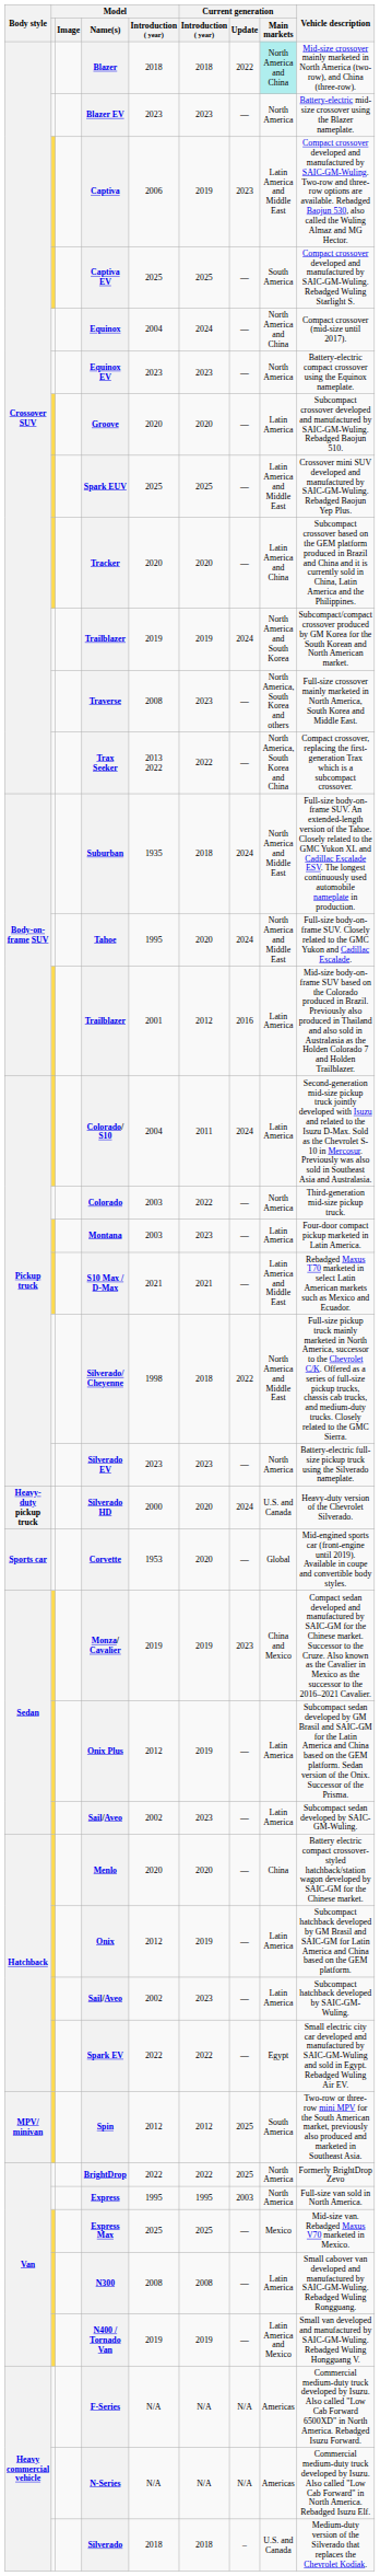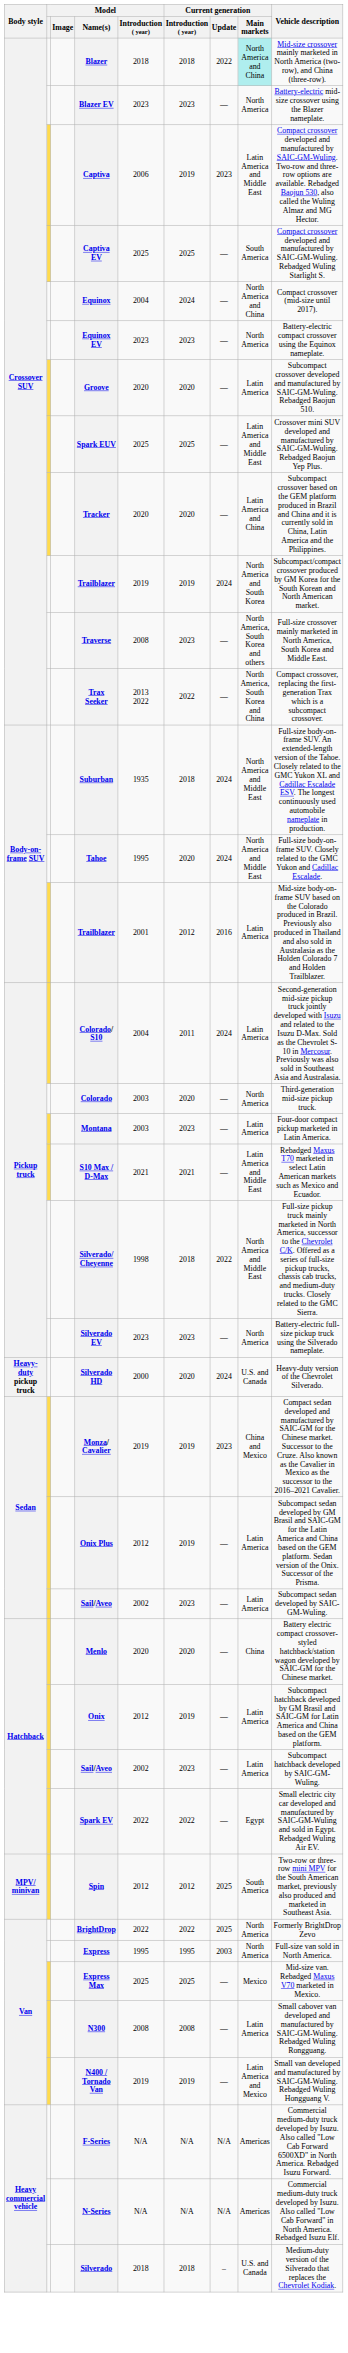 <table class="wikitable sortable" style="text-align: center; width: 100%">
 <tr>
 <th rowspan="2" width="5%">Body style</th>
 <th colspan="4">Model</th>
 <th colspan="3">Current generation</th>
 <th rowspan="2" class="unsortable" width="30%" cellpadding="35px">Vehicle description</th>
 </tr>
 <tr>
 <th class="unsortable"></th>
 <th class="unsortable" width="15%">Image</th>
 <th>Name(s)</th>
 <th>Introduction<br><small>( year)</small></th>
 <th width="9%">Introduction<br><small>( year)</small></th>
 <th>Update</th>
 <th class="unsortable">Main markets</th>
 </tr>
 <tr>
 <th rowspan="12"><a href='#'>Crossover<br>SUV</a></th>
 <td></td>
 <td></td>
 <th><a href='#'>Blazer</a></th>
 <td>2018</td>
 <td>2018</td>
 <td>2022</td>
 <td style="background: paleturquoise;">North America and China</td>
 <td><a href='#'>Mid-size crossover</a> mainly marketed in North America (two-row), and China (three-row).</td>
 </tr>
 <tr>
 <td></td>
 <td></td>
 <th><a href='#'>Blazer EV</a></th>
 <td>2023</td>
 <td>2023</td>
 <td>—</td>
 <td>North America</td>
 <td><a href='#'>Battery-electric</a> mid-size crossover using the Blazer nameplate.</td>
 </tr>
 <tr>
 <td bgcolor="#ffdb4d"></td>
 <td></td>
 <th><a href='#'>Captiva</a></th>
 <td>2006</td>
 <td>2019</td>
 <td>2023</td>
 <td>Latin America and Middle East</td>
 <td><a href='#'>Compact crossover</a> developed and manufactured by <a href='#'>SAIC-GM-Wuling</a>. Two-row and three-row options are available. Rebadged <a href='#'>Baojun 530</a>, also called the Wuling Almaz and MG Hector.</td>
 </tr>
 <tr>
 <td bgcolor="#ffdb4d"></td>
 <td></td>
 <th><a href='#'>Captiva EV</a></th>
 <td>2025</td>
 <td>2025</td>
 <td>—</td>
 <td>South America</td>
 <td><a href='#'>Compact crossover</a> developed and manufactured by SAIC-GM-Wuling. Rebadged Wuling Starlight S.</td>
 </tr>
 <tr>
 <td></td>
 <td></td>
 <th><a href='#'>Equinox</a></th>
 <td>2004</td>
 <td>2024</td>
 <td>—</td>
 <td>North America and China</td>
 <td>Compact crossover (mid-size until 2017).</td>
 </tr>
 <tr>
 <td></td>
 <td></td>
 <th><a href='#'>Equinox EV</a></th>
 <td>2023</td>
 <td>2023</td>
 <td>—</td>
 <td>North America</td>
 <td>Battery-electric compact crossover using the Equinox nameplate.</td>
 </tr>
 <tr>
 <td bgcolor="#ffdb4d"></td>
 <td></td>
 <th><a href='#'>Groove</a></th>
 <td>2020</td>
 <td>2020</td>
 <td>—</td>
 <td>Latin America</td>
 <td>Subcompact crossover developed and manufactured by SAIC-GM-Wuling. Rebadged Baojun 510.</td>
 </tr>
 <tr>
 <td bgcolor="#ffdb4d"></td>
 <td></td>
 <th><a href='#'>Spark EUV</a></th>
 <td>2025</td>
 <td>2025</td>
 <td>—</td>
 <td>Latin America and Middle East</td>
 <td>Crossover mini SUV developed and manufactured by SAIC-GM-Wuling. Rebadged Baojun Yep Plus.</td>
 </tr>
 <tr>
 <td bgcolor="#ffdb4d"></td>
 <td></td>
 <th><a href='#'>Tracker</a></th>
 <td>2020</td>
 <td>2020</td>
 <td>—</td>
 <td>Latin America and China</td>
 <td>Subcompact crossover based on the GEM platform produced in Brazil and China and it is currently sold in China, Latin America and the Philippines.</td>
 </tr>
 <tr>
 <td></td>
 <td></td>
 <th><a href='#'>Trailblazer </a></th>
 <td>2019</td>
 <td>2019</td>
 <td>2024</td>
 <td>North America and South Korea</td>
 <td>Subcompact/compact crossover produced by GM Korea for the South Korean and North American market.</td>
 </tr>
 <tr>
 <td></td>
 <td></td>
 <th><a href='#'>Traverse</a></th>
 <td>2008</td>
 <td>2023</td>
 <td>—</td>
 <td>North America, South Korea and others</td>
 <td>Full-size crossover mainly marketed in North America, South Korea and Middle East.</td>
 </tr>
 <tr>
 <td></td>
 <td></td>
 <th><a href='#'>Trax</a><br><a href='#'>Seeker</a></th>
 <td>2013<br>2022</td>
 <td>2022</td>
 <td>—</td>
 <td>North America, South Korea and China</td>
 <td>Compact crossover, replacing the first-generation Trax which is a subcompact crossover.</td>
 </tr>
 <tr>
 <th rowspan="3"><a href='#'>Body-on-<br>frame</a> <a href='#'>SUV</a></th>
 <td></td>
 <td></td>
 <th><a href='#'>Suburban</a></th>
 <td>1935</td>
 <td>2018</td>
 <td>2024</td>
 <td>North America and Middle East</td>
 <td>Full-size body-on-frame SUV. An extended-length version of the Tahoe. Closely related to the GMC Yukon XL and <a href='#'>Cadillac Escalade ESV</a>. The longest continuously used automobile <a href='#'>nameplate</a> in production.</td>
 </tr>
 <tr>
 <td></td>
 <td></td>
 <th><a href='#'>Tahoe</a></th>
 <td>1995</td>
 <td>2020</td>
 <td>2024</td>
 <td>North America and Middle East</td>
 <td>Full-size body-on-frame SUV. Closely related to the GMC Yukon and <a href='#'>Cadillac Escalade</a>.</td>
 </tr>
 <tr>
 <td bgcolor="#ffdb4d"></td>
 <td></td>
 <th><a href='#'>Trailblazer<br></a></th>
 <td>2001</td>
 <td>2012</td>
 <td>2016</td>
 <td>Latin America</td>
 <td>Mid-size body-on-frame SUV based on the Colorado produced in Brazil. Previously also produced in Thailand and also sold in Australasia as the Holden Colorado 7 and Holden Trailblazer.</td>
 </tr>
 <tr>
 <th rowspan="6"><a href='#'>Pickup truck</a></th>
 <td bgcolor="#ffdb4d"></td>
 <td></td>
 <th><a href='#'>Colorado</a>/<br><a href='#'>S10</a></th>
 <td>2004</td>
 <td>2011</td>
 <td>2024</td>
 <td>Latin America</td>
 <td>Second-generation mid-size pickup truck jointly developed with <a href='#'>Isuzu</a> and related to the Isuzu D-Max. Sold as the Chevrolet S-10 in <a href='#'>Mercosur</a>. Previously was also sold in Southeast Asia and Australasia.</td>
 </tr>
 <tr>
 <td></td>
 <td></td>
 <th><a href='#'>Colorado</a></th>
 <td>2003</td>
-<td>2022</td>
+<td>2020</td>
 <td>—</td>
 <td>North America</td>
 <td>Third-generation mid-size pickup truck.</td>
 </tr>
 <tr>
 <td bgcolor="#ffdb4d"></td>
 <td></td>
 <th><a href='#'>Montana</a></th>
 <td>2003</td>
 <td>2023</td>
 <td>—</td>
 <td>Latin America</td>
 <td>Four-door compact pickup marketed in Latin America.</td>
 </tr>
 <tr>
 <td bgcolor="#ffdb4d"></td>
 <td></td>
 <th><a href='#'>S10 Max / D-Max</a></th>
 <td>2021</td>
 <td>2021</td>
 <td>—</td>
 <td>Latin America and Middle East</td>
 <td>Rebadged <a href='#'>Maxus T70</a> marketed in select Latin American markets such as Mexico and Ecuador.</td>
 </tr>
 <tr>
 <td></td>
 <td></td>
 <th><a href='#'>Silverado/<br>Cheyenne</a></th>
 <td>1998</td>
 <td>2018</td>
 <td>2022</td>
 <td>North America and Middle East</td>
 <td>Full-size pickup truck mainly marketed in North America, successor to the <a href='#'>Chevrolet C/K</a>. Offered as a series of full-size pickup trucks, chassis cab trucks, and medium-duty trucks. Closely related to the GMC Sierra.</td>
 </tr>
 <tr>
 <td></td>
 <td></td>
 <th><a href='#'>Silverado EV</a></th>
 <td>2023</td>
 <td>2023</td>
 <td>—</td>
 <td>North America</td>
 <td>Battery-electric full-size pickup truck using the Silverado nameplate.</td>
 </tr>
 <tr>
 <th rowspan=“1”><a href='#'>Heavy-duty</a> pickup truck</th>
 <td></td>
 <td></td>
 <th><a href='#'>Silverado HD</a></th>
 <td>2000</td>
 <td>2020</td>
 <td>2024</td>
 <td>U.S. and Canada</td>
 <td>Heavy-duty version of the Chevrolet Silverado.</td>
-</tr>
-<tr>
-<th rowspan="1"><a href='#'>Sports car</a></th>
-<td></td>
-<td></td>
-<th><a href='#'>Corvette</a></th>
-<td>1953</td>
-<td>2020</td>
-<td>—</td>
-<td>Global</td>
-<td>Mid-engined sports car (front-engine until 2019). Available in coupe and convertible body styles.</td>
 </tr>
 <tr>
 <th rowspan="3"><a href='#'>Sedan</a></th>
 <td bgcolor="#ffdb4d"></td>
 <td></td>
 <th><a href='#'>Monza</a>/<br><a href='#'>Cavalier</a></th>
 <td>2019</td>
 <td>2019</td>
 <td>2023</td>
 <td>China and Mexico</td>
 <td>Compact sedan developed and manufactured by SAIC-GM for the Chinese market. Successor to the Cruze. Also known as the Cavalier in Mexico as the successor to the 2016–2021 Cavalier.</td>
 </tr>
 <tr>
 <td bgcolor="#ffdb4d"></td>
 <td></td>
 <th><a href='#'>Onix Plus</a></th>
 <td>2012</td>
 <td>2019</td>
 <td>—</td>
 <td>Latin America</td>
 <td>Subcompact sedan developed by GM Brasil and SAIC-GM for the Latin America and China based on the GEM platform. Sedan version of the Onix. Successor of the Prisma.</td>
 </tr>
 <tr>
 <td bgcolor="#ffdb4d"></td>
 <td></td>
 <th><a href='#'>Sail</a>/<a href='#'>Aveo</a></th>
 <td>2002</td>
 <td>2023</td>
 <td>—</td>
 <td>Latin America</td>
 <td>Subcompact sedan developed by SAIC-GM-Wuling.</td>
 </tr>
 <tr>
 <th rowspan="4"><a href='#'>Hatchback</a></th>
 <td bgcolor="#ffdb4d"></td>
 <td></td>
 <th><a href='#'>Menlo</a></th>
 <td>2020</td>
 <td>2020</td>
 <td>—</td>
 <td>China</td>
 <td>Battery electric compact crossover-styled hatchback/station wagon developed by SAIC-GM for the Chinese market.</td>
 </tr>
 <tr>
 <td bgcolor="#ffdb4d"></td>
 <td></td>
 <th><a href='#'>Onix</a></th>
 <td>2012</td>
 <td>2019</td>
 <td>—</td>
 <td>Latin America</td>
 <td>Subcompact hatchback developed by GM Brasil and SAIC-GM for Latin America and China based on the GEM platform.</td>
 </tr>
 <tr>
 <td bgcolor="#ffdb4d"></td>
 <td></td>
 <th><a href='#'>Sail</a>/<a href='#'>Aveo</a></th>
 <td>2002</td>
 <td>2023</td>
 <td>—</td>
 <td>Latin America</td>
 <td>Subcompact hatchback developed by SAIC-GM-Wuling.</td>
 </tr>
 <tr>
 <td bgcolor="#ffdb4d"></td>
 <td></td>
 <th><a href='#'>Spark EV</a></th>
 <td>2022</td>
 <td>2022</td>
 <td>—</td>
 <td>Egypt</td>
 <td>Small electric city car developed and manufactured by SAIC-GM-Wuling and sold in Egypt. Rebadged Wuling Air EV.</td>
 </tr>
 <tr>
 <th><a href='#'>MPV/<br>minivan</a></th>
 <td bgcolor="#ffdb4d"></td>
 <td></td>
 <th><a href='#'>Spin</a></th>
 <td>2012</td>
 <td>2012</td>
 <td>2025</td>
 <td>South America</td>
 <td>Two-row or three-row <a href='#'>mini MPV</a> for the South American market, previously also produced and marketed in Southeast Asia.</td>
 </tr>
 <tr>
 <th rowspan="5"><a href='#'>Van</a></th>
 <td></td>
 <td></td>
 <th><a href='#'>BrightDrop</a></th>
 <td>2022</td>
 <td>2022</td>
 <td>2025</td>
 <td>North America</td>
 <td>Formerly BrightDrop Zevo</td>
 </tr>
 <tr>
 <td></td>
 <td></td>
 <th><a href='#'>Express</a></th>
 <td>1995</td>
 <td>1995</td>
 <td>2003</td>
 <td>North America</td>
 <td>Full-size van sold in North America.</td>
 </tr>
 <tr>
 <td bgcolor="#ffdb4d"></td>
 <td></td>
 <th><a href='#'>Express Max</a></th>
 <td>2025</td>
 <td>2025</td>
 <td>—</td>
 <td>Mexico</td>
 <td>Mid-size van. Rebadged <a href='#'>Maxus V70</a> marketed in Mexico.</td>
 </tr>
 <tr>
 <td bgcolor="#ffdb4d"></td>
 <td></td>
 <th><a href='#'>N300</a></th>
 <td>2008</td>
 <td>2008</td>
 <td>—</td>
 <td>Latin America</td>
 <td>Small cabover van developed and manufactured by SAIC-GM-Wuling. Rebadged Wuling Rongguang.</td>
 </tr>
 <tr>
 <td bgcolor="#ffdb4d"></td>
 <td></td>
 <th><a href='#'>N400 / Tornado Van</a></th>
 <td>2019</td>
 <td>2019</td>
 <td>—</td>
 <td>Latin America and Mexico</td>
 <td>Small van developed and manufactured by SAIC-GM-Wuling. Rebadged Wuling Hongguang V.</td>
 </tr>
 <tr>
 <th rowspan="3"><a href='#'>Heavy commercial vehicle</a></th>
 <td></td>
 <td></td>
 <th><a href='#'>F-Series</a></th>
 <td>N/A</td>
 <td>N/A</td>
 <td>N/A</td>
 <td>Americas</td>
 <td>Commercial medium-duty truck developed by Isuzu. Also called "Low Cab Forward 6500XD" in North America. Rebadged Isuzu Forward.</td>
 </tr>
 <tr>
 <td></td>
 <td></td>
 <th><a href='#'>N-Series</a></th>
 <td>N/A</td>
 <td>N/A</td>
 <td>N/A</td>
 <td>Americas</td>
 <td>Commercial medium-duty truck developed by Isuzu. Also called "Low Cab Forward" in North America. Rebadged Isuzu Elf.</td>
 </tr>
 <tr>
 <td></td>
 <td></td>
 <th><a href='#'>Silverado<br></a></th>
 <td>2018</td>
 <td>2018</td>
 <td>–</td>
 <td>U.S. and Canada</td>
 <td>Medium-duty version of the Silverado that replaces the <a href='#'>Chevrolet Kodiak</a>.</td>
 </tr>
 </table>
